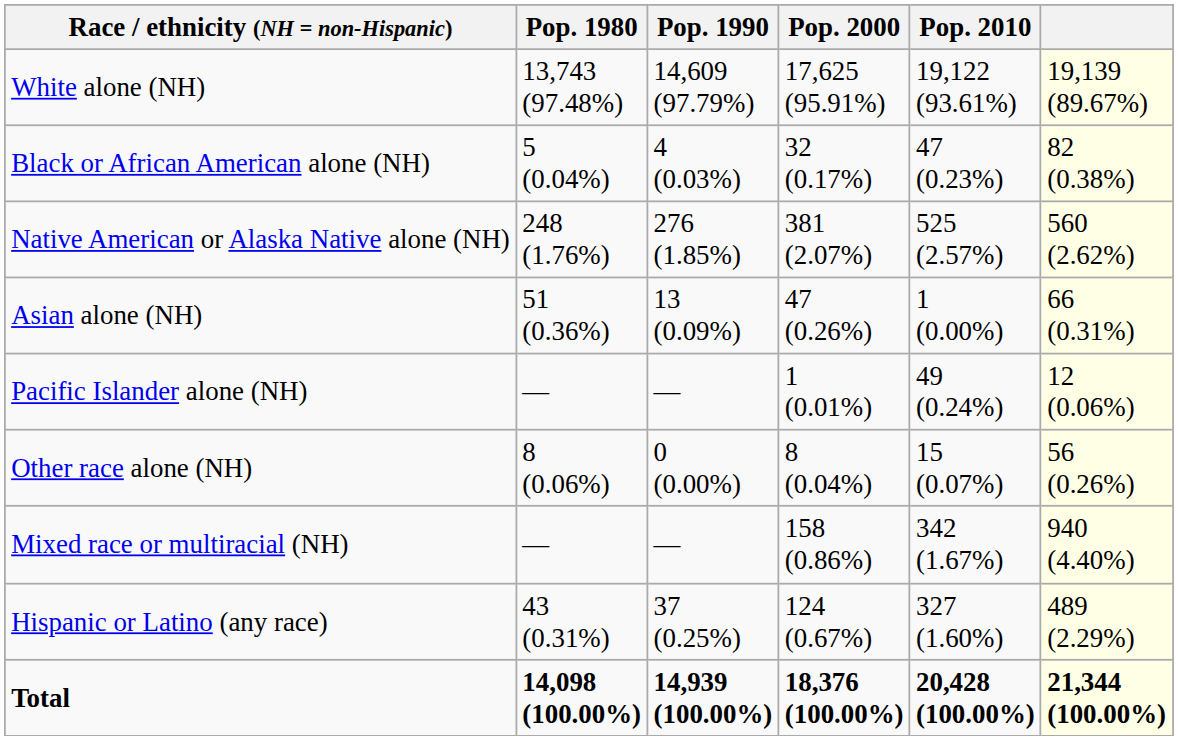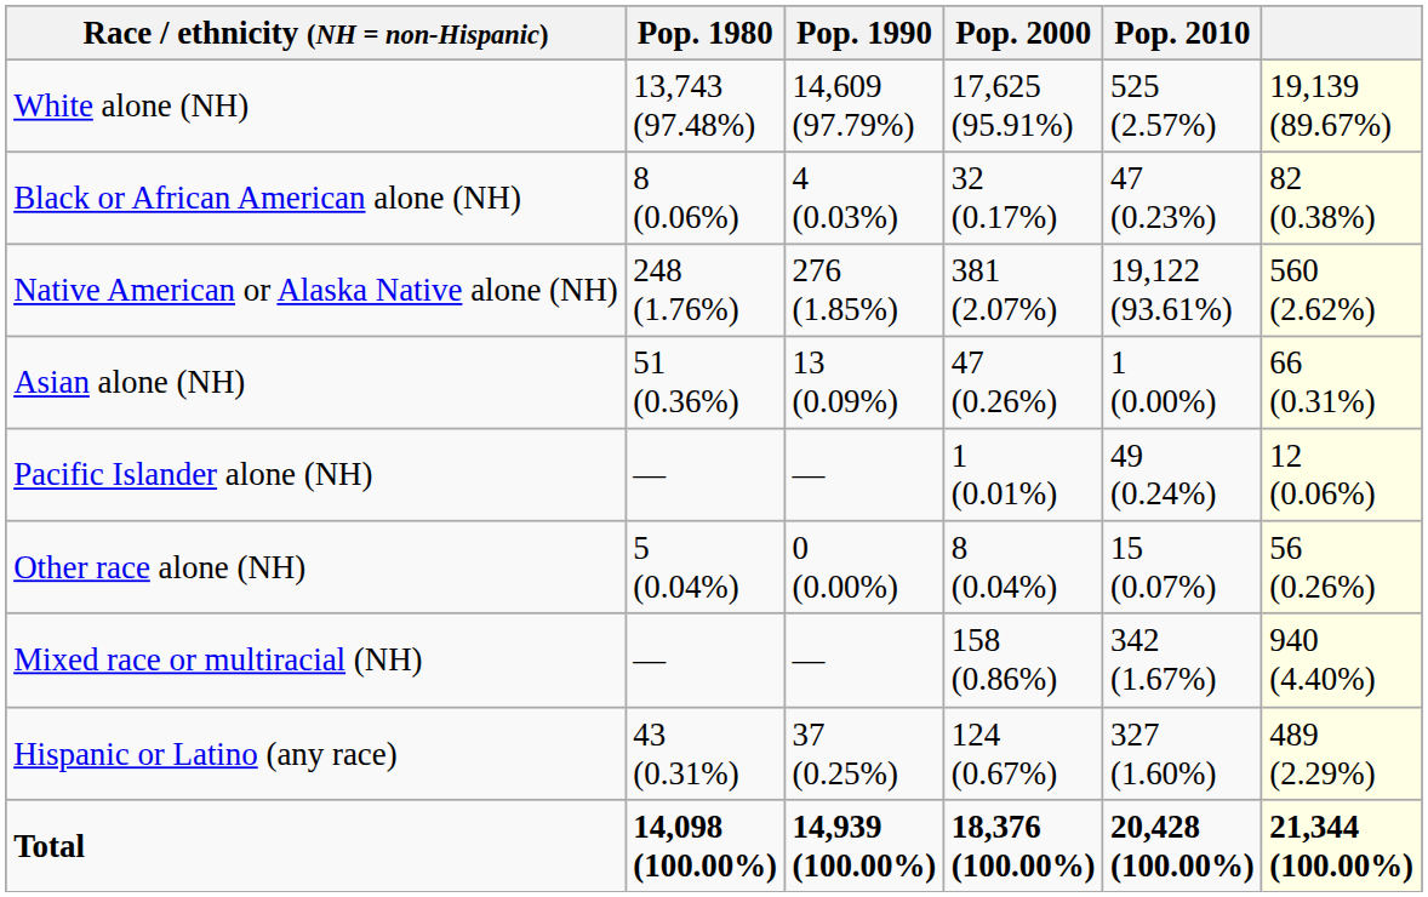 <table class="wikitable sortable collapsible" style="font-size: 95%;">
 <tr>
 <th>Race / ethnicity <small>(<em>NH = non-Hispanic</em>)</small></th>
 <th>Pop. 1980</th>
 <th>Pop. 1990</th>
 <th>Pop. 2000</th>
 <th>Pop. 2010</th>
 <th></th>
 </tr>
 <tr>
 <td><a href='#'>White</a> alone (NH)</td>
 <td>13,743<br>(97.48%)</td>
 <td>14,609<br>(97.79%)</td>
 <td>17,625<br>(95.91%)</td>
-<td>19,122<br>(93.61%)</td>
+<td>525<br>(2.57%)</td>
 <td style='background: #ffffe6;'>19,139<br>(89.67%)</td>
 </tr>
 <tr>
 <td><a href='#'>Black or African American</a> alone (NH)</td>
-<td>5<br>(0.04%)</td>
+<td>8<br>(0.06%)</td>
 <td>4<br>(0.03%)</td>
 <td>32<br>(0.17%)</td>
 <td>47<br>(0.23%)</td>
 <td style='background: #ffffe6;'>82<br>(0.38%)</td>
 </tr>
 <tr>
 <td><a href='#'>Native American</a> or <a href='#'>Alaska Native</a> alone (NH)</td>
 <td>248<br>(1.76%)</td>
 <td>276<br>(1.85%)</td>
 <td>381<br>(2.07%)</td>
-<td>525<br>(2.57%)</td>
+<td>19,122<br>(93.61%)</td>
 <td style='background: #ffffe6;'>560<br>(2.62%)</td>
 </tr>
 <tr>
 <td><a href='#'>Asian</a> alone (NH)</td>
 <td>51<br>(0.36%)</td>
 <td>13<br>(0.09%)</td>
 <td>47<br>(0.26%)</td>
 <td>1<br>(0.00%)</td>
 <td style='background: #ffffe6;'>66<br>(0.31%)</td>
 </tr>
 <tr>
 <td><a href='#'>Pacific Islander</a> alone (NH)</td>
 <td>—</td>
 <td>—</td>
 <td>1<br>(0.01%)</td>
 <td>49<br>(0.24%)</td>
 <td style='background: #ffffe6;'>12<br>(0.06%)</td>
 </tr>
 <tr>
 <td><a href='#'>Other race</a> alone (NH)</td>
-<td>8<br>(0.06%)</td>
+<td>5<br>(0.04%)</td>
 <td>0<br>(0.00%)</td>
 <td>8<br>(0.04%)</td>
 <td>15<br>(0.07%)</td>
 <td style='background: #ffffe6;'>56<br>(0.26%)</td>
 </tr>
 <tr>
 <td><a href='#'>Mixed race or multiracial</a> (NH)</td>
 <td>—</td>
 <td>—</td>
 <td>158<br>(0.86%)</td>
 <td>342<br>(1.67%)</td>
 <td style='background: #ffffe6;'>940<br>(4.40%)</td>
 </tr>
 <tr>
 <td><a href='#'>Hispanic or Latino</a> (any race)</td>
 <td>43<br>(0.31%)</td>
 <td>37<br>(0.25%)</td>
 <td>124<br>(0.67%)</td>
 <td>327<br>(1.60%)</td>
 <td style='background: #ffffe6;'>489<br>(2.29%)</td>
 </tr>
 <tr>
 <td><strong>Total</strong></td>
 <td><strong>14,098<br>(100.00%)</strong></td>
 <td><strong>14,939<br>(100.00%)</strong></td>
 <td><strong>18,376<br>(100.00%)</strong></td>
 <td><strong>20,428<br>(100.00%)</strong></td>
 <td style='background: #ffffe6;'><strong>21,344<br>(100.00%)</strong></td>
 </tr>
 </table>
